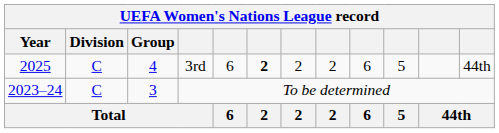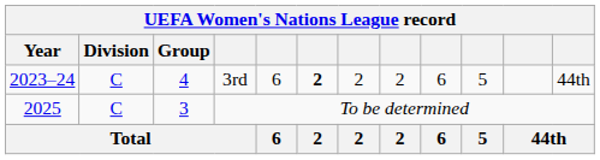 <table class="wikitable" style="text-align: center;">
 <tr>
 <th colspan=13><a href='#'>UEFA Women's Nations League</a> record</th>
 </tr>
 <tr>
 <th>Year</th>
 <th>Division</th>
 <th>Group</th>
 <th width=28></th>
 <th width=28></th>
 <th width=28></th>
 <th width=28></th>
 <th width=28></th>
 <th width=28></th>
 <th width=28></th>
 <th width=35></th>
 <th width=28></th>
 </tr>
 <tr>
-<td><a href='#'>2025</a></td>
+<td><a href='#'>2023–24</a></td>
 <td><a href='#'>C</a></td>
 <td><a href='#'>4</a></td>
 <td>3rd</td>
 <td>6</td>
 <td><strong>2</strong></td>
 <td>2</td>
 <td>2</td>
 <td>6</td>
 <td>5</td>
 <td></td>
 <td>44th</td>
 </tr>
 <tr>
-<td><a href='#'>2023–24</a></td>
+<td><a href='#'>2025</a></td>
 <td><a href='#'>C</a></td>
 <td><a href='#'>3</a></td>
 <td colspan=9><em>To be determined</em></td>
 </tr>
 <tr>
 <th colspan=4>Total</th>
 <th>6</th>
 <th>2</th>
 <th>2</th>
 <th>2</th>
 <th>6</th>
 <th>5</th>
 <th colspan=2>44th</th>
 </tr>
 </table>
